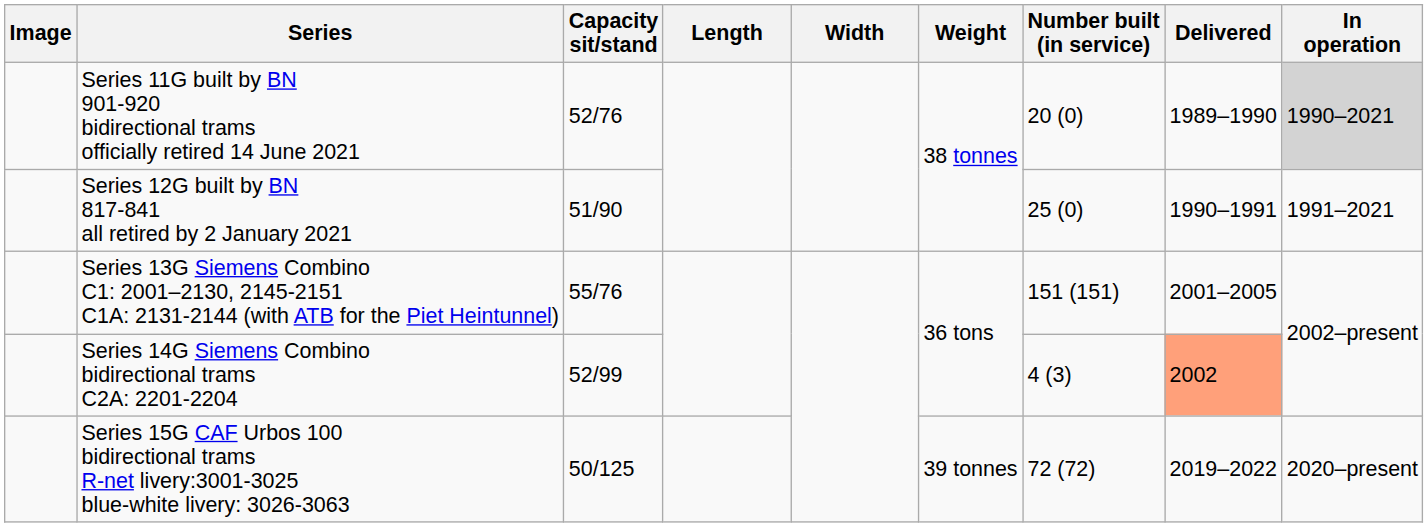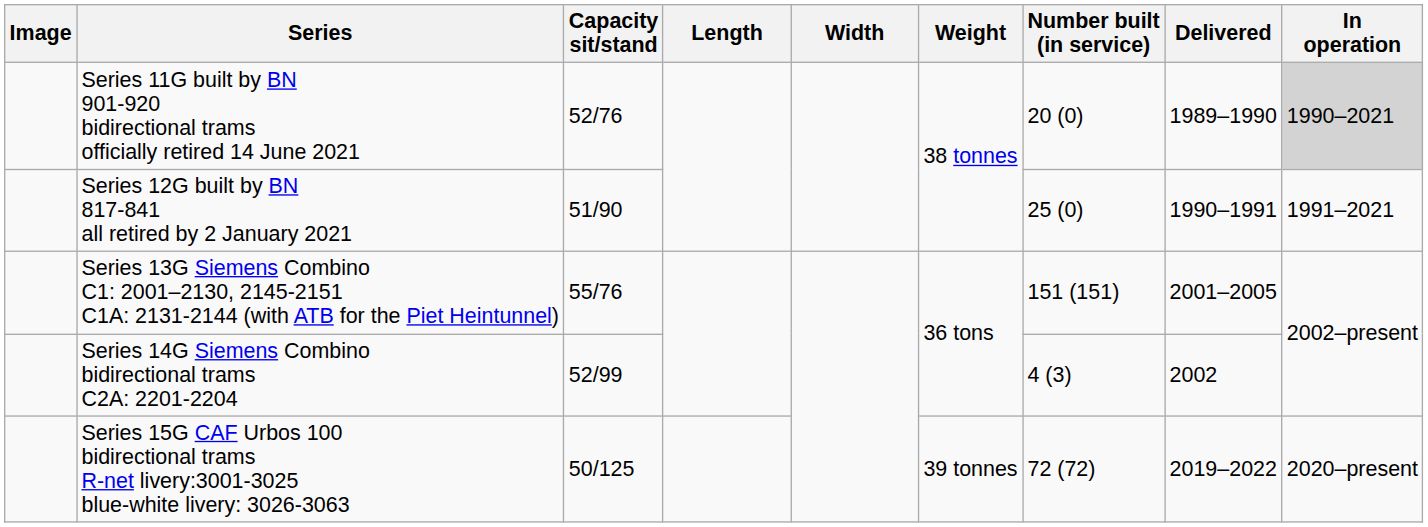 <table class="wikitable" style="font-size:100%;">
 <tr>
 <th>Image</th>
 <th>Series</th>
 <th>Capacity<br>sit/stand </th>
 <th width=9%>Length </th>
 <th width=9%>Width</th>
 <th>Weight </th>
 <th>Number built<br>(in service)</th>
 <th>Delivered</th>
 <th>In<br>operation</th>
 </tr>
 <tr>
 <td></td>
 <td>Series 11G built by <a href='#'>BN</a><br>901-920<br>bidirectional trams<br>officially retired 14 June 2021</td>
 <td>52/76</td>
 <td rowspan="2"></td>
 <td rowspan="2"></td>
 <td rowspan="2">38 <a href='#'>tonnes</a></td>
 <td>20 (0)</td>
 <td>1989–1990</td>
 <td style="background: lightgrey;">1990–2021</td>
 </tr>
 <tr>
 <td></td>
 <td>Series 12G built by <a href='#'>BN</a><br>817-841<br>all retired by 2 January 2021</td>
 <td>51/90</td>
 <td>25 (0)</td>
 <td>1990–1991</td>
 <td>1991–2021</td>
 </tr>
 <tr>
 <td></td>
 <td>Series 13G <a href='#'>Siemens</a> Combino<br>C1: 2001–2130, 2145-2151<br>C1A: 2131-2144 (with <a href='#'>ATB</a> for the <a href='#'>Piet Heintunnel</a>)</td>
 <td>55/76</td>
 <td rowspan="2"></td>
 <td rowspan="3"></td>
 <td rowspan="2">36 tons</td>
 <td>151 (151)</td>
 <td>2001–2005</td>
 <td rowspan="2">2002–present</td>
 </tr>
 <tr>
 <td></td>
 <td>Series 14G <a href='#'>Siemens</a> Combino<br>bidirectional trams<br>C2A: 2201-2204</td>
 <td>52/99</td>
 <td>4 (3)</td>
-<td style="background: lightsalmon;">2002</td>
+<td>2002</td>
 </tr>
 <tr>
 <td></td>
 <td>Series 15G <a href='#'>CAF</a> Urbos 100<br>bidirectional trams<br><a href='#'>R-net</a> livery:3001-3025<br>blue-white livery: 3026-3063</td>
 <td>50/125</td>
 <td></td>
 <td>39 tonnes</td>
 <td>72 (72)</td>
 <td>2019–2022</td>
 <td>2020–present</td>
 </tr>
 </table>
